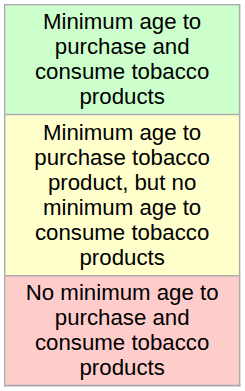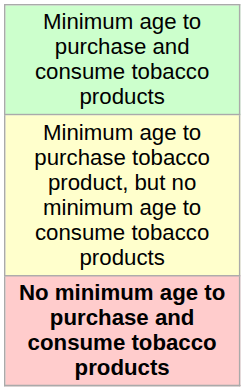 <table class="wikitable" style="width: 170px;">
 <tr>
 <td style="background: #ccffcc;" align="center">Minimum age to purchase and consume tobacco products</td>
 </tr>
 <tr>
 <td style="background: #ffffcc;" align="center">Minimum age to purchase tobacco product, but no minimum age to consume tobacco products</td>
 </tr>
 <tr>
-<td style="background: #ffcccc;"  align="center">No minimum age to purchase and consume tobacco products</td>
+<td style="background: #ffcccc;"  align="center"><strong>No minimum age to purchase and consume tobacco products</strong></td>
 </tr>
 <tr>
 </tr>
 </table>
